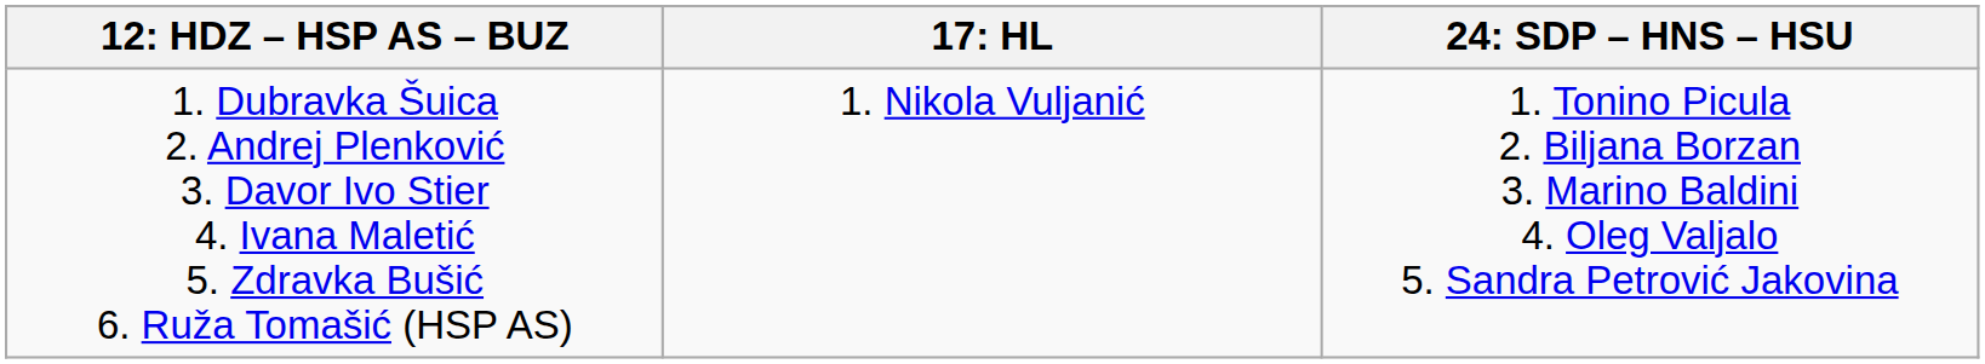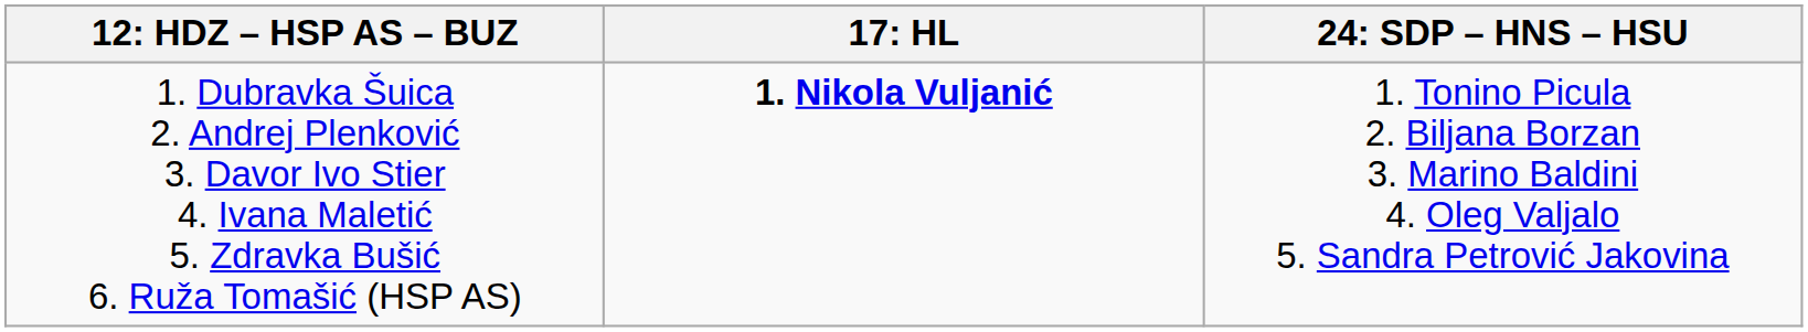 <table class=wikitable style=text-align:center>
 <tr>
 <th>12: HDZ – HSP AS – BUZ</th>
 <th>17: HL</th>
 <th>24: SDP – HNS – HSU</th>
 </tr>
 <tr>
 <td style="width:16em;" valign="top">1. <a href='#'>Dubravka Šuica</a><br>2. <a href='#'>Andrej Plenković</a><br>3. <a href='#'>Davor Ivo Stier</a><br>4. <a href='#'>Ivana Maletić</a><br>5. <a href='#'>Zdravka Bušić</a><br>6. <a href='#'>Ruža Tomašić</a> (HSP AS)</td>
-<td style="width:16em;" valign="top">1. <a href='#'>Nikola Vuljanić</a></td>
+<td style="width:16em;" valign="top"><strong>1. <a href='#'>Nikola Vuljanić</a></strong></td>
 <td style="width:16em;" valign="top">1. <a href='#'>Tonino Picula</a> <br>2. <a href='#'>Biljana Borzan</a> <br>3. <a href='#'>Marino Baldini</a> <br>4. <a href='#'>Oleg Valjalo</a> <br>5. <a href='#'>Sandra Petrović Jakovina</a></td>
 </tr>
 </table>
